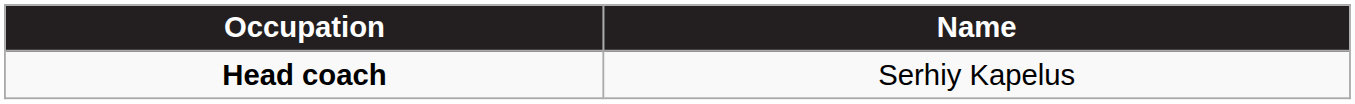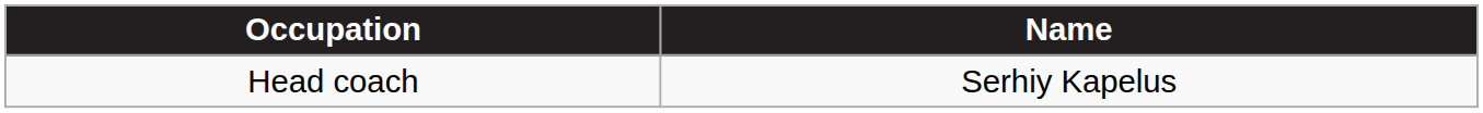 <table class="wikitable" style="font-size:100%; text-align:center">
 <tr>
 <th style="color:#FFFFFF; background-color:#231F20; width:20em">Occupation</th>
 <th colspan="2" style="color:#FFFFFF; background-color:#231F20; width:25em">Name</th>
 </tr>
 <tr>
-<td><strong>Head coach</strong></td>
+<td>Head coach</td>
 <td colspan="2"> Serhiy Kapelus</td>
 </tr>
 </table>
